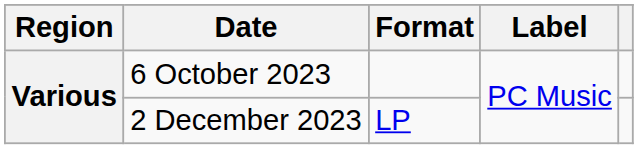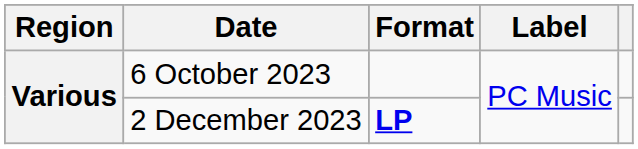 <table class="wikitable plainrowheaders">
 <tr>
 <th scope="col">Region</th>
 <th scope="col">Date</th>
 <th scope="col">Format</th>
 <th scope="col">Label</th>
 <th scope="col"></th>
 </tr>
 <tr>
 <th rowspan="2" scope="row">Various</th>
 <td>6 October 2023</td>
 <td></td>
 <td rowspan="2"><a href='#'>PC Music</a></td>
 <td align="center"></td>
 </tr>
 <tr>
 <td>2 December 2023</td>
-<td><a href='#'>LP</a></td>
+<td><strong><a href='#'>LP</a></strong></td>
 <td align="center"></td>
 </tr>
 </table>
